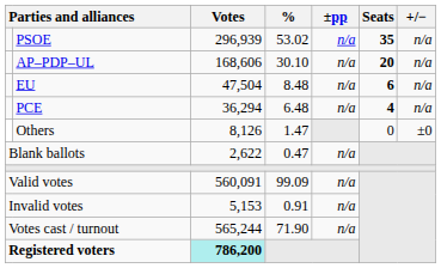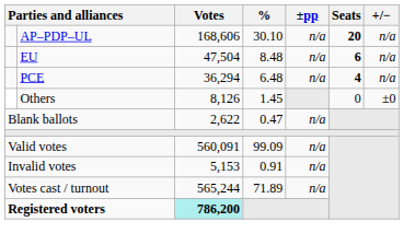 <table class="wikitable" style="text-align:right;">
 <tr>
 <th style="text-align:left;" colspan="2" width="200">Parties and alliances</th>
 <th width="75">Votes</th>
 <th width="45">%</th>
 <th width="45">±<a href='#'>pp</a></th>
 <th width="35">Seats</th>
 <th width="35">+/−</th>
-</tr>
-<tr>
-<td width="1" style="color:inherit;background:"></td>
-<td align="left"><a href='#'>PSOE</a></td>
-<td>296,939</td>
-<td>53.02</td>
-<td><em><a href='#'>n/a</a></em></td>
-<td><strong>35</strong></td>
-<td><em>n/a</em></td>
 </tr>
 <tr>
 <td style="color:inherit;background:"></td>
 <td align="left"><a href='#'>AP–PDP–UL</a></td>
 <td>168,606</td>
 <td>30.10</td>
 <td><em>n/a</em></td>
 <td><strong>20</strong></td>
 <td><em>n/a</em></td>
 </tr>
 <tr>
 <td style="color:inherit;background:"></td>
 <td align="left"><a href='#'>EU</a></td>
 <td>47,504</td>
 <td>8.48</td>
 <td><em>n/a</em></td>
 <td><strong>6</strong></td>
 <td><em>n/a</em></td>
 </tr>
 <tr>
 <td style="color:inherit;background:"></td>
 <td align="left"><a href='#'>PCE</a></td>
 <td>36,294</td>
 <td>6.48</td>
 <td><em>n/a</em></td>
 <td><strong>4</strong></td>
 <td><em>n/a</em></td>
 </tr>
 <tr>
 <td bgcolor="white"></td>
 <td align="left">Others</td>
 <td>8,126</td>
-<td>1.47</td>
+<td>1.45</td>
 <td bgcolor="#E9E9E9"></td>
 <td>0</td>
 <td>±0</td>
 </tr>
 <tr>
 <td align="left" colspan="2">Blank ballots</td>
 <td>2,622</td>
 <td>0.47</td>
 <td><em>n/a</em></td>
 <td bgcolor="#E9E9E9" colspan="2"></td>
 </tr>
 <tr>
 <td colspan="7" bgcolor="#E9E9E9"></td>
 </tr>
 <tr>
 <td align="left" colspan="2">Valid votes</td>
 <td>560,091</td>
 <td>99.09</td>
 <td><em>n/a</em></td>
 <td bgcolor="#E9E9E9" colspan="2" rowspan="4"></td>
 </tr>
 <tr>
 <td align="left" colspan="2">Invalid votes</td>
 <td>5,153</td>
 <td>0.91</td>
 <td><em>n/a</em></td>
 </tr>
 <tr>
 <td align="left" colspan="2">Votes cast / turnout</td>
 <td>565,244</td>
-<td>71.90</td>
+<td>71.89</td>
 <td><em>n/a</em></td>
 </tr>
 <tr style="font-weight:bold;">
 <td align="left" colspan="2">Registered voters</td>
 <td style="background: paleturquoise;">786,200</td>
 <td bgcolor="#E9E9E9" colspan="2"></td>
 </tr>
 </table>
